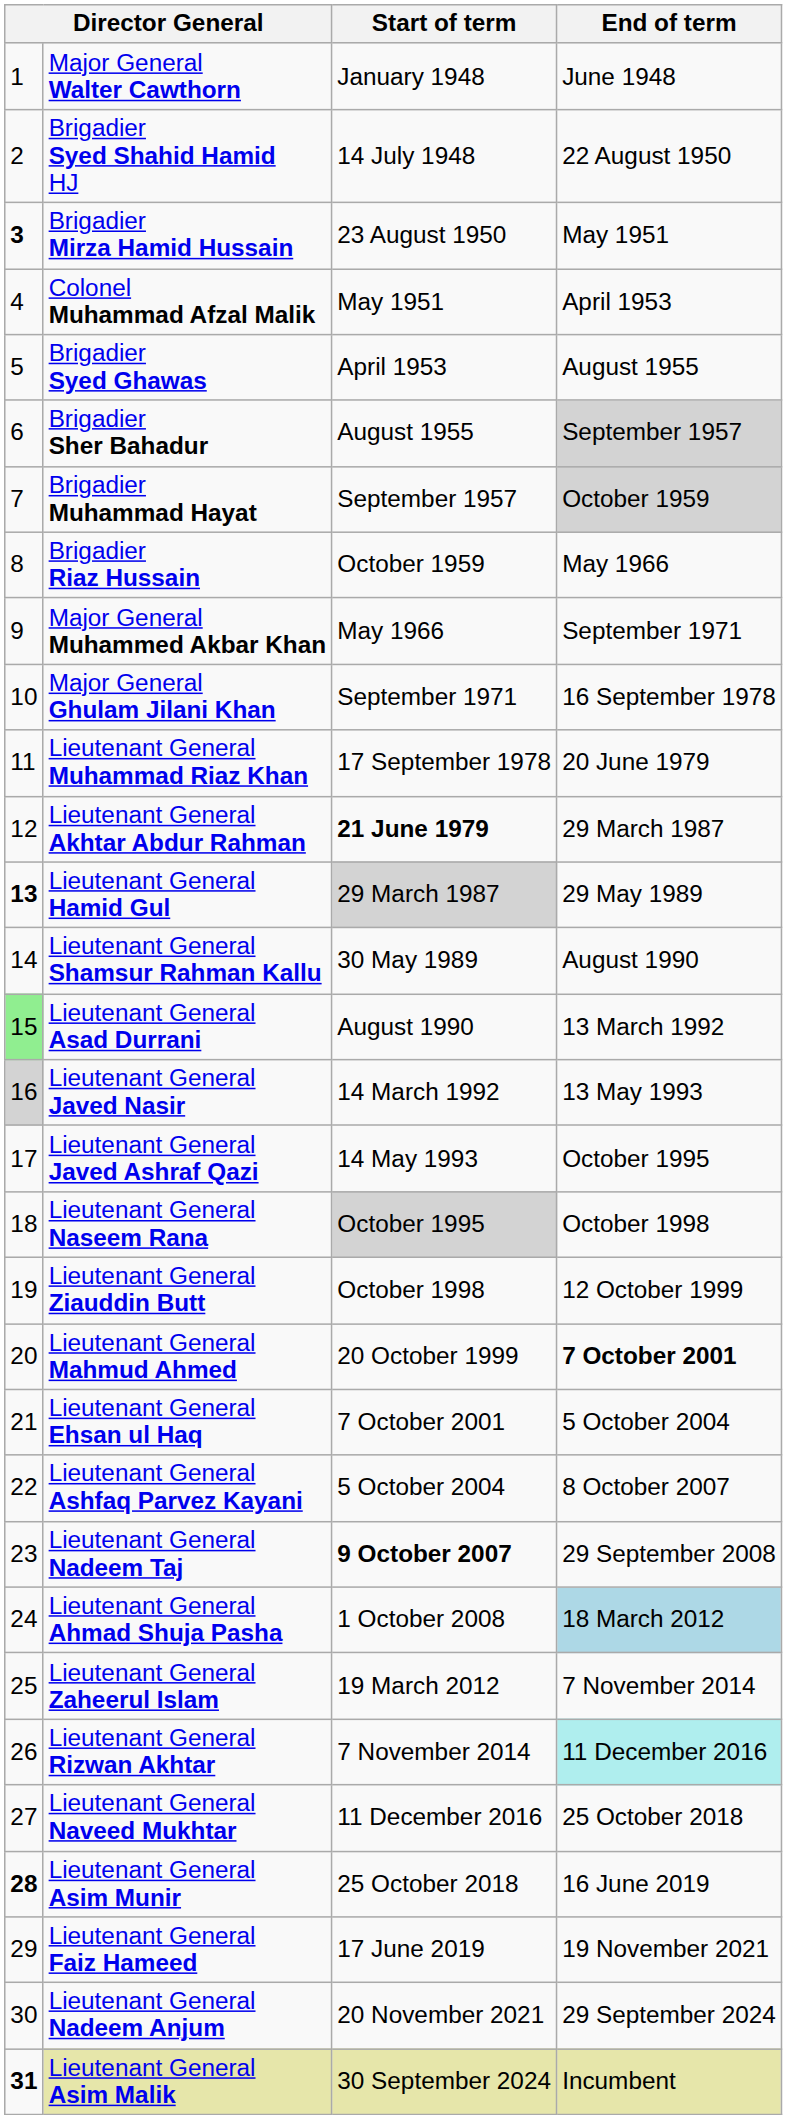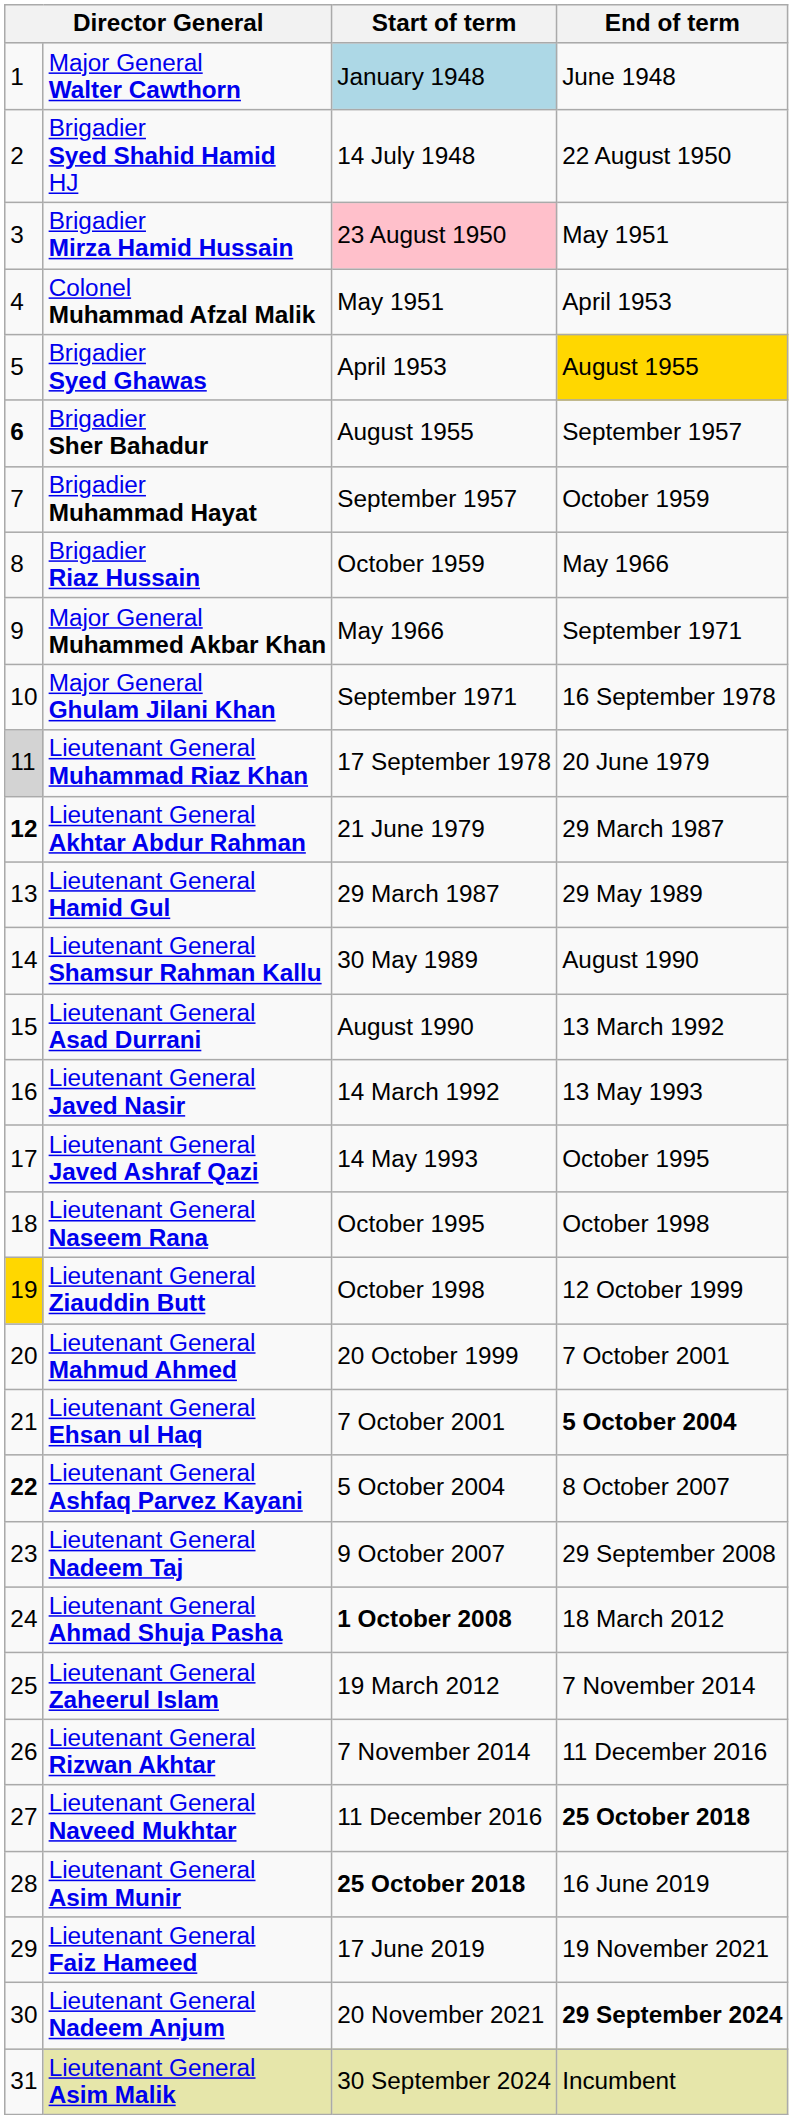 <table class="wikitable">
 <tr>
 <th colspan=2>Director General</th>
 <th>Start of term</th>
 <th>End of term</th>
 </tr>
 <tr>
 <td>1</td>
 <td><a href='#'>Major General</a><br><strong><a href='#'>Walter Cawthorn</a></strong></td>
-<td>January 1948</td>
+<td style="background: lightblue;">January 1948</td>
 <td>June 1948</td>
 </tr>
 <tr>
 <td>2</td>
 <td><a href='#'>Brigadier</a><br><strong><a href='#'>Syed Shahid Hamid</a></strong><br><a href='#'>HJ</a></td>
 <td>14 July 1948</td>
 <td>22 August 1950</td>
 </tr>
 <tr>
-<td><strong>3</strong></td>
+<td>3</td>
 <td><a href='#'>Brigadier</a><br><strong><a href='#'>Mirza Hamid Hussain</a></strong></td>
-<td>23 August 1950</td>
+<td style="background: pink;">23 August 1950</td>
 <td>May 1951</td>
 </tr>
 <tr>
 <td>4</td>
 <td><a href='#'>Colonel</a><br><strong>Muhammad Afzal Malik</strong></td>
 <td>May 1951</td>
 <td>April 1953</td>
 </tr>
 <tr>
 <td>5</td>
 <td><a href='#'>Brigadier</a><br><strong><a href='#'>Syed Ghawas</a></strong></td>
 <td>April 1953</td>
-<td>August 1955</td>
+<td style="background: gold;">August 1955</td>
 </tr>
 <tr>
-<td>6</td>
+<td><strong>6</strong></td>
 <td><a href='#'>Brigadier</a><br><strong>Sher Bahadur</strong></td>
 <td>August 1955</td>
-<td style="background: lightgrey;">September 1957</td>
+<td>September 1957</td>
 </tr>
 <tr>
 <td>7</td>
 <td><a href='#'>Brigadier</a><br><strong>Muhammad Hayat</strong></td>
 <td>September 1957</td>
-<td style="background: lightgrey;">October 1959</td>
+<td>October 1959</td>
 </tr>
 <tr>
 <td>8</td>
 <td><a href='#'>Brigadier</a><br><strong><a href='#'>Riaz Hussain</a></strong></td>
 <td>October 1959</td>
 <td>May 1966</td>
 </tr>
 <tr>
 <td>9</td>
 <td><a href='#'>Major General</a><br><strong>Muhammed Akbar Khan</strong></td>
 <td>May 1966</td>
 <td>September 1971</td>
 </tr>
 <tr>
 <td>10</td>
 <td><a href='#'>Major General</a><br><strong><a href='#'>Ghulam Jilani Khan</a></strong></td>
 <td>September 1971</td>
 <td>16 September 1978</td>
 </tr>
 <tr>
-<td>11</td>
+<td style="background: lightgrey;">11</td>
 <td><a href='#'>Lieutenant General</a><br><strong><a href='#'>Muhammad Riaz Khan</a></strong></td>
 <td>17 September 1978</td>
 <td>20 June 1979</td>
 </tr>
 <tr>
-<td>12</td>
+<td><strong>12</strong></td>
 <td><a href='#'>Lieutenant General</a><br><strong><a href='#'>Akhtar Abdur Rahman</a></strong><br></td>
-<td><strong>21 June 1979</strong></td>
+<td>21 June 1979</td>
 <td>29 March 1987</td>
 </tr>
 <tr>
-<td><strong>13</strong></td>
+<td>13</td>
 <td><a href='#'>Lieutenant General</a><br><strong><a href='#'>Hamid Gul</a></strong><br></td>
-<td style="background: lightgrey;">29 March 1987</td>
+<td>29 March 1987</td>
 <td>29 May 1989</td>
 </tr>
 <tr>
 <td>14</td>
 <td><a href='#'>Lieutenant General</a><br><strong><a href='#'>Shamsur Rahman Kallu</a></strong><br></td>
 <td>30 May 1989</td>
 <td>August 1990</td>
 </tr>
 <tr>
-<td style="background: lightgreen;">15</td>
+<td>15</td>
 <td><a href='#'>Lieutenant General</a><br><strong><a href='#'>Asad Durrani</a></strong><br></td>
 <td>August 1990</td>
 <td>13 March 1992</td>
 </tr>
 <tr>
-<td style="background: lightgrey;">16</td>
+<td>16</td>
 <td><a href='#'>Lieutenant General</a><br><strong><a href='#'>Javed Nasir</a></strong><br></td>
 <td>14 March 1992</td>
 <td>13 May 1993</td>
 </tr>
 <tr>
 <td>17</td>
 <td><a href='#'>Lieutenant General</a><br><strong><a href='#'>Javed Ashraf Qazi</a></strong><br></td>
 <td>14 May 1993</td>
 <td>October 1995</td>
 </tr>
 <tr>
 <td>18</td>
 <td><a href='#'>Lieutenant General</a><br><strong><a href='#'>Naseem Rana</a></strong></td>
-<td style="background: lightgrey;">October 1995</td>
+<td>October 1995</td>
 <td>October 1998</td>
 </tr>
 <tr>
-<td>19</td>
+<td style="background: gold;">19</td>
 <td><a href='#'>Lieutenant General</a><br><strong><a href='#'>Ziauddin Butt</a></strong><br></td>
 <td>October 1998</td>
 <td>12 October 1999</td>
 </tr>
 <tr>
 <td>20</td>
 <td><a href='#'>Lieutenant General</a><br><strong><a href='#'>Mahmud Ahmed</a></strong><br></td>
 <td>20 October 1999</td>
-<td><strong>7 October 2001</strong></td>
+<td>7 October 2001</td>
 </tr>
 <tr>
 <td>21</td>
 <td><a href='#'>Lieutenant General</a><br><strong><a href='#'>Ehsan ul Haq</a></strong><br></td>
 <td>7 October 2001</td>
-<td>5 October 2004</td>
+<td><strong>5 October 2004</strong></td>
 </tr>
 <tr>
-<td>22</td>
+<td><strong>22</strong></td>
 <td><a href='#'>Lieutenant General</a><br><strong><a href='#'>Ashfaq Parvez Kayani</a></strong><br></td>
 <td>5 October 2004</td>
 <td>8 October 2007</td>
 </tr>
 <tr>
 <td>23</td>
 <td><a href='#'>Lieutenant General</a><br><strong><a href='#'>Nadeem Taj</a></strong><br></td>
-<td><strong>9 October 2007</strong></td>
+<td>9 October 2007</td>
 <td>29 September 2008</td>
 </tr>
 <tr>
 <td>24</td>
 <td><a href='#'>Lieutenant General</a><br><strong><a href='#'>Ahmad Shuja Pasha</a></strong><br></td>
-<td>1 October 2008</td>
-<td style="background: lightblue;">18 March 2012</td>
+<td><strong>1 October 2008</strong></td>
+<td>18 March 2012</td>
 </tr>
 <tr>
 <td>25</td>
 <td><a href='#'>Lieutenant General</a><br><strong><a href='#'>Zaheerul Islam</a></strong><br></td>
 <td>19 March 2012</td>
 <td>7 November 2014</td>
 </tr>
 <tr>
 <td>26</td>
 <td><a href='#'>Lieutenant General</a><br><strong><a href='#'>Rizwan Akhtar</a></strong></td>
 <td>7 November 2014</td>
-<td style="background: paleturquoise;">11 December 2016</td>
+<td>11 December 2016</td>
 </tr>
 <tr>
 <td>27</td>
 <td><a href='#'>Lieutenant General</a><br><strong><a href='#'>Naveed Mukhtar</a></strong></td>
 <td>11 December 2016</td>
-<td>25 October 2018</td>
+<td><strong>25 October 2018</strong></td>
 </tr>
 <tr>
-<td><strong>28</strong></td>
+<td>28</td>
 <td><a href='#'>Lieutenant General</a><br><strong><a href='#'>Asim Munir</a></strong><br></td>
-<td>25 October 2018</td>
+<td><strong>25 October 2018</strong></td>
 <td>16 June 2019</td>
 </tr>
 <tr>
 <td>29</td>
 <td><a href='#'>Lieutenant General</a><br><strong><a href='#'>Faiz Hameed</a></strong><br></td>
 <td>17 June 2019</td>
 <td>19 November 2021</td>
 </tr>
 <tr>
 <td>30</td>
 <td><a href='#'>Lieutenant General</a><br><strong><a href='#'>Nadeem Anjum</a></strong></td>
 <td>20 November 2021</td>
-<td>29 September 2024</td>
+<td><strong>29 September 2024</strong></td>
 </tr>
 <tr>
-<td><strong>31</strong></td>
+<td>31</td>
 <td style="background:#e6e6aa;"><a href='#'>Lieutenant General</a><br><strong><a href='#'>Asim Malik</a></strong></td>
 <td style="background:#e6e6aa;">30 September 2024</td>
 <td style="background:#e6e6aa;">Incumbent</td>
 </tr>
 </table>
